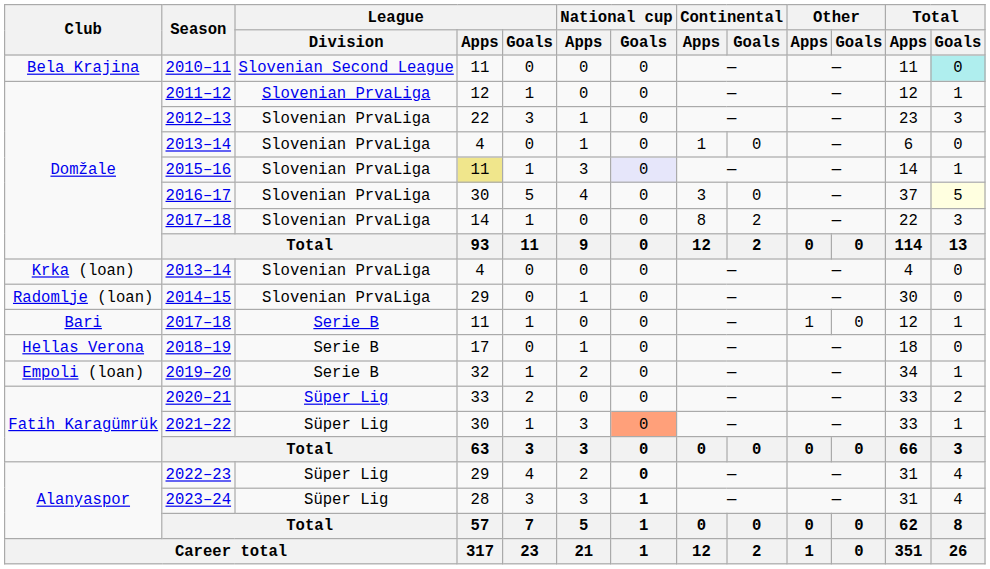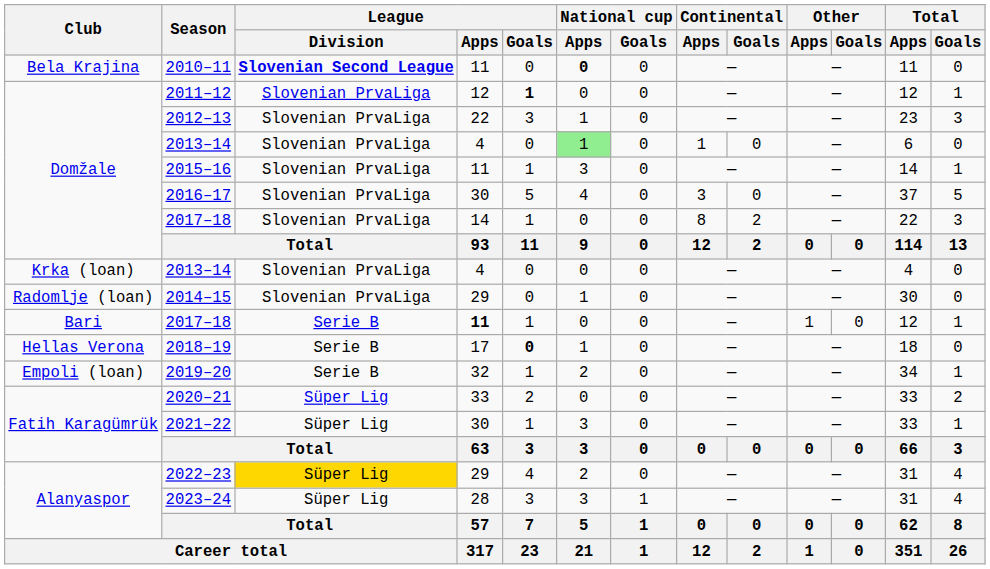 <table class="wikitable" style="text-align:center">
 <tr>
 <th rowspan="2">Club</th>
 <th rowspan="2">Season</th>
 <th colspan="3">League</th>
 <th colspan="2">National cup</th>
 <th colspan="2">Continental</th>
 <th colspan="2">Other</th>
 <th colspan="2">Total</th>
 </tr>
 <tr>
 <th>Division</th>
 <th>Apps</th>
 <th>Goals</th>
 <th>Apps</th>
 <th>Goals</th>
 <th>Apps</th>
 <th>Goals</th>
 <th>Apps</th>
 <th>Goals</th>
 <th>Apps</th>
 <th>Goals</th>
 </tr>
 <tr>
 <td><a href='#'>Bela Krajina</a></td>
 <td><a href='#'>2010–11</a></td>
-<td><a href='#'>Slovenian Second League</a></td>
+<td><strong><a href='#'>Slovenian Second League</a></strong></td>
 <td>11</td>
 <td>0</td>
-<td>0</td>
+<td><strong>0</strong></td>
 <td>0</td>
 <td colspan="2">—</td>
 <td colspan="2">—</td>
 <td>11</td>
-<td style="background: paleturquoise;">0</td>
+<td>0</td>
 </tr>
 <tr>
 <td rowspan="7"><a href='#'>Domžale</a></td>
 <td><a href='#'>2011–12</a></td>
 <td><a href='#'>Slovenian PrvaLiga</a></td>
 <td>12</td>
-<td>1</td>
+<td><strong>1</strong></td>
 <td>0</td>
 <td>0</td>
 <td colspan="2">—</td>
 <td colspan="2">—</td>
 <td>12</td>
 <td>1</td>
 </tr>
 <tr>
 <td><a href='#'>2012–13</a></td>
 <td>Slovenian PrvaLiga</td>
 <td>22</td>
 <td>3</td>
 <td>1</td>
 <td>0</td>
 <td colspan="2">—</td>
 <td colspan="2">—</td>
 <td>23</td>
 <td>3</td>
 </tr>
 <tr>
 <td><a href='#'>2013–14</a></td>
 <td>Slovenian PrvaLiga</td>
 <td>4</td>
 <td>0</td>
-<td>1</td>
+<td style="background: lightgreen;">1</td>
 <td>0</td>
 <td>1</td>
 <td>0</td>
 <td colspan="2">—</td>
 <td>6</td>
 <td>0</td>
 </tr>
 <tr>
 <td><a href='#'>2015–16</a></td>
 <td>Slovenian PrvaLiga</td>
-<td style="background: khaki;">11</td>
+<td>11</td>
 <td>1</td>
 <td>3</td>
-<td style="background: lavender;">0</td>
+<td>0</td>
 <td colspan="2">—</td>
 <td colspan="2">—</td>
 <td>14</td>
 <td>1</td>
 </tr>
 <tr>
 <td><a href='#'>2016–17</a></td>
 <td>Slovenian PrvaLiga</td>
 <td>30</td>
 <td>5</td>
 <td>4</td>
 <td>0</td>
 <td>3</td>
 <td>0</td>
 <td colspan="2">—</td>
 <td>37</td>
-<td style="background: lightyellow;">5</td>
+<td>5</td>
 </tr>
 <tr>
 <td><a href='#'>2017–18</a></td>
 <td>Slovenian PrvaLiga</td>
 <td>14</td>
 <td>1</td>
 <td>0</td>
 <td>0</td>
 <td>8</td>
 <td>2</td>
 <td colspan="2">—</td>
 <td>22</td>
 <td>3</td>
 </tr>
 <tr>
 <th colspan="2">Total</th>
 <th>93</th>
 <th>11</th>
 <th>9</th>
 <th>0</th>
 <th>12</th>
 <th>2</th>
 <th>0</th>
 <th>0</th>
 <th>114</th>
 <th>13</th>
 </tr>
 <tr>
 <td><a href='#'>Krka</a> (loan)</td>
 <td><a href='#'>2013–14</a></td>
 <td>Slovenian PrvaLiga</td>
 <td>4</td>
 <td>0</td>
 <td>0</td>
 <td>0</td>
 <td colspan="2">—</td>
 <td colspan="2">—</td>
 <td>4</td>
 <td>0</td>
 </tr>
 <tr>
 <td><a href='#'>Radomlje</a> (loan)</td>
 <td><a href='#'>2014–15</a></td>
 <td>Slovenian PrvaLiga</td>
 <td>29</td>
 <td>0</td>
 <td>1</td>
 <td>0</td>
 <td colspan="2">—</td>
 <td colspan="2">—</td>
 <td>30</td>
 <td>0</td>
 </tr>
 <tr>
 <td><a href='#'>Bari</a></td>
 <td><a href='#'>2017–18</a></td>
 <td><a href='#'>Serie B</a></td>
-<td>11</td>
+<td><strong>11</strong></td>
 <td>1</td>
 <td>0</td>
 <td>0</td>
 <td colspan="2">—</td>
 <td>1</td>
 <td>0</td>
 <td>12</td>
 <td>1</td>
 </tr>
 <tr>
 <td><a href='#'>Hellas Verona</a></td>
 <td><a href='#'>2018–19</a></td>
 <td>Serie B</td>
 <td>17</td>
-<td>0</td>
+<td><strong>0</strong></td>
 <td>1</td>
 <td>0</td>
 <td colspan="2">—</td>
 <td colspan="2">—</td>
 <td>18</td>
 <td>0</td>
 </tr>
 <tr>
 <td><a href='#'>Empoli</a> (loan)</td>
 <td><a href='#'>2019–20</a></td>
 <td>Serie B</td>
 <td>32</td>
 <td>1</td>
 <td>2</td>
 <td>0</td>
 <td colspan="2">—</td>
 <td colspan="2">—</td>
 <td>34</td>
 <td>1</td>
 </tr>
 <tr>
 <td rowspan="3"><a href='#'>Fatih Karagümrük</a></td>
 <td><a href='#'>2020–21</a></td>
 <td><a href='#'>Süper Lig</a></td>
 <td>33</td>
 <td>2</td>
 <td>0</td>
 <td>0</td>
 <td colspan="2">—</td>
 <td colspan="2">—</td>
 <td>33</td>
 <td>2</td>
 </tr>
 <tr>
 <td><a href='#'>2021–22</a></td>
 <td>Süper Lig</td>
 <td>30</td>
 <td>1</td>
 <td>3</td>
-<td style="background: lightsalmon;">0</td>
+<td>0</td>
 <td colspan="2">—</td>
 <td colspan="2">—</td>
 <td>33</td>
 <td>1</td>
 </tr>
 <tr>
 <th colspan="2">Total</th>
 <th>63</th>
 <th>3</th>
 <th>3</th>
 <th>0</th>
 <th>0</th>
 <th>0</th>
 <th>0</th>
 <th>0</th>
 <th>66</th>
 <th>3</th>
 </tr>
 <tr>
 <td rowspan="3"><a href='#'>Alanyaspor</a></td>
 <td><a href='#'>2022–23</a></td>
-<td>Süper Lig</td>
+<td style="background: gold;">Süper Lig</td>
 <td>29</td>
 <td>4</td>
 <td>2</td>
-<td><strong>0</strong></td>
+<td>0</td>
 <td colspan="2">—</td>
 <td colspan="2">—</td>
 <td>31</td>
 <td>4</td>
 </tr>
 <tr>
 <td><a href='#'>2023–24</a></td>
 <td>Süper Lig</td>
 <td>28</td>
 <td>3</td>
 <td>3</td>
-<td><strong>1</strong></td>
+<td>1</td>
 <td colspan="2">—</td>
 <td colspan="2">—</td>
 <td>31</td>
 <td>4</td>
 </tr>
 <tr>
 <th colspan="2">Total</th>
 <th>57</th>
 <th>7</th>
 <th>5</th>
 <th>1</th>
 <th>0</th>
 <th>0</th>
 <th>0</th>
 <th>0</th>
 <th>62</th>
 <th>8</th>
 </tr>
 <tr>
 <th colspan="3">Career total</th>
 <th>317</th>
 <th>23</th>
 <th>21</th>
 <th>1</th>
 <th>12</th>
 <th>2</th>
 <th>1</th>
 <th>0</th>
 <th>351</th>
 <th>26</th>
 </tr>
 </table>
